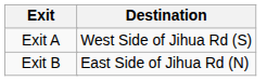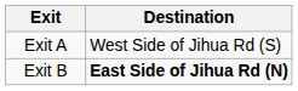 <table class="wikitable">
 <tr>
 <th style="width:70px" colspan="2">Exit</th>
 <th>Destination</th>
 </tr>
 <tr>
 <td align="center" colspan="2">Exit A</td>
 <td>West Side of Jihua Rd (S)</td>
 </tr>
 <tr>
 <td align="center" colspan="2">Exit B</td>
-<td>East Side of Jihua Rd (N)</td>
+<td><strong>East Side of Jihua Rd (N)</strong></td>
 </tr>
 </table>
